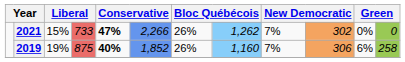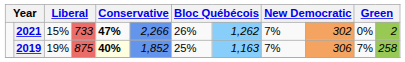 <table class="wikitable" style="width:400; font-size:90%; margin-left:1em;">
 <tr>
 <th colspan="2" scope="col">Year</th>
 <th colspan="2" scope="col"><a href='#'>Liberal</a></th>
 <th colspan="2" scope="col"><a href='#'>Conservative</a></th>
 <th colspan="2" scope="col"><a href='#'>Bloc Québécois</a></th>
 <th colspan="2" scope="col"><a href='#'>New Democratic</a></th>
 <th colspan="2" scope="col"><a href='#'>Green</a></th>
 </tr>
 <tr>
 <td rowspan="2" style="width: 0.25em; background-color: "></td>
 <th><a href='#'>2021</a></th>
 <td>15%</td>
 <td style="text-align:right; background:#EA6D6A;"><em>733</em></td>
 <td><strong>47%</strong></td>
 <td style="text-align:right; background:#6495ED;"><em>2,266</em></td>
 <td>26%</td>
 <td style="text-align:right; background:#87CEFA;"><em>1,262</em></td>
 <td>7%</td>
 <td style="text-align:right; background:#F4A460;"><em>302</em></td>
 <td>0%</td>
-<td style="text-align:right; background:#99C955;"><em>0</em></td>
+<td style="text-align:right; background:#99C955;"><em>2</em></td>
 </tr>
 <tr>
 <th><a href='#'>2019</a></th>
 <td>19%</td>
 <td style="text-align:right; background:#EA6D6A;"><em>875</em></td>
-<td><strong>40%</strong></td>
+<td style="background: lightyellow;"><strong>40%</strong></td>
 <td style="text-align:right; background:#6495ED;"><em>1,852</em></td>
-<td>26%</td>
-<td style="text-align:right; background:#87CEFA;"><em>1,160</em></td>
+<td>25%</td>
+<td style="text-align:right; background:#87CEFA;"><em>1,163</em></td>
 <td>7%</td>
 <td style="text-align:right; background:#F4A460;"><em>306</em></td>
-<td>6%</td>
+<td>7%</td>
 <td style="text-align:right; background:#99C955;"><em>258</em></td>
 </tr>
 <tr>
 </tr>
 </table>
